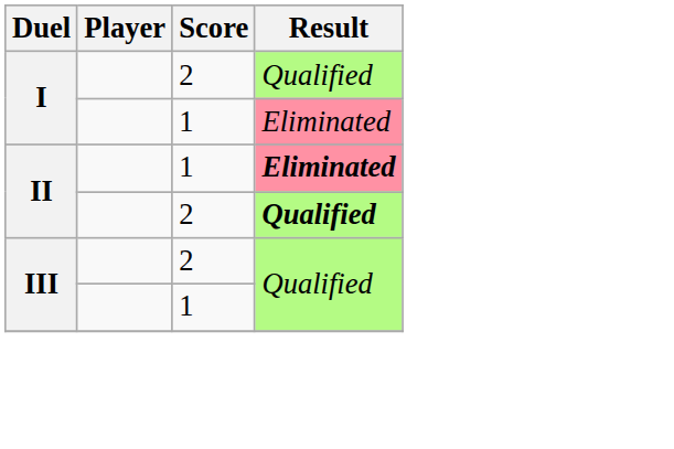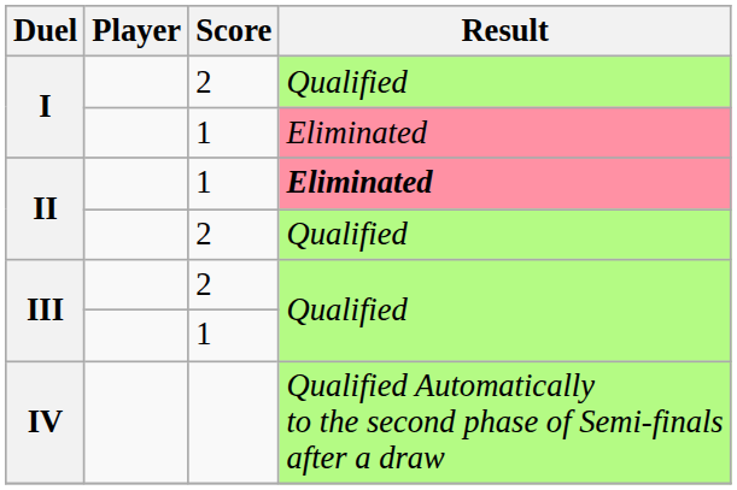 <table class="wikitable sortable">
 <tr>
 <th>Duel</th>
 <th>Player</th>
 <th>Score</th>
 <th>Result</th>
 </tr>
 <tr>
 <th rowspan="2" class="unsortable">I</th>
 <td></td>
 <td>2</td>
 <td style="background:#B4FB84"><em>Qualified</em></td>
 </tr>
 <tr>
 <td></td>
 <td>1</td>
 <td style="background:#FF91A4"><em>Eliminated</em></td>
 </tr>
 <tr>
 <th rowspan="2" class="unsortable">II</th>
 <td></td>
 <td>1</td>
 <td style="background:#FF91A4"><strong><em>Eliminated</em></strong></td>
 </tr>
 <tr>
 <td></td>
 <td>2</td>
-<td style="background:#B4FB84"><strong><em>Qualified</em></strong></td>
+<td style="background:#B4FB84"><em>Qualified</em></td>
 </tr>
 <tr>
 <th rowspan="2" class="unsortable">III</th>
 <td></td>
 <td>2</td>
 <td rowspan=2 style="background:#B4FB84"><em>Qualified</em></td>
 </tr>
 <tr>
 <td></td>
 <td>1</td>
 </tr>
 <tr>
+<th class="unsortable">IV</th>
+<td></td>
+<td></td>
+<td style="background:#B4FB84"><em>Qualified Automatically<br> to the second phase of Semi-finals<br> after a draw</em></td>
+</tr>
+<tr>
 </tr>
 </table>
